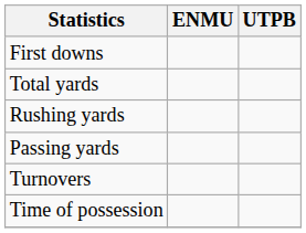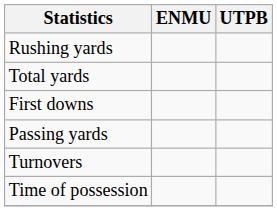 <table class="wikitable" style="float: left;">
 <tr>
 <th>Statistics</th>
 <th>ENMU</th>
 <th>UTPB</th>
 </tr>
 <tr>
-<td>First downs</td>
+<td>Rushing yards</td>
 <td></td>
 <td></td>
 </tr>
 <tr>
 <td>Total yards</td>
 <td></td>
 <td></td>
 </tr>
 <tr>
-<td>Rushing yards</td>
+<td>First downs</td>
 <td></td>
 <td></td>
 </tr>
 <tr>
 <td>Passing yards</td>
 <td></td>
 <td></td>
 </tr>
 <tr>
 <td>Turnovers</td>
 <td></td>
 <td></td>
 </tr>
 <tr>
 <td>Time of possession</td>
 <td></td>
 <td></td>
 </tr>
 <tr>
 </tr>
 </table>
